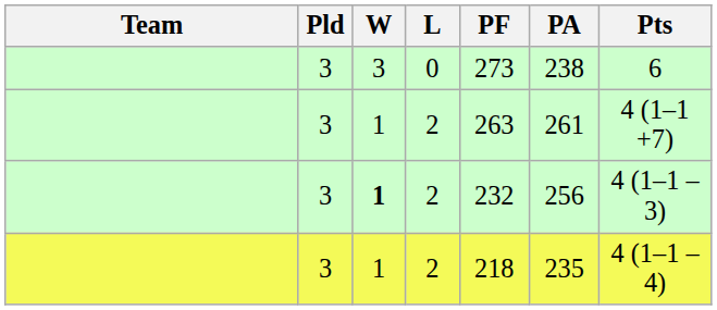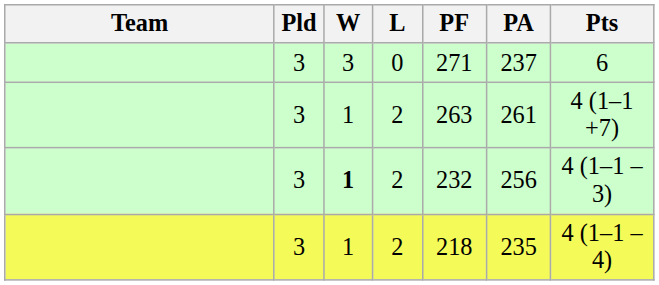 <table class="wikitable" style="text-align:center;">
 <tr>
 <th width=170>Team</th>
 <th width=25>Pld</th>
 <th width=25>W</th>
 <th width=25>L</th>
 <th width=35>PF</th>
 <th width=35>PA</th>
 <th width=60>Pts</th>
 </tr>
 <tr bgcolor=#ccffcc>
 <td align="left"></td>
 <td>3</td>
 <td>3</td>
 <td>0</td>
-<td>273</td>
-<td>238</td>
+<td>271</td>
+<td>237</td>
 <td>6</td>
 </tr>
 <tr bgcolor=#ccffcc>
 <td align="left"></td>
 <td>3</td>
 <td>1</td>
 <td>2</td>
 <td>263</td>
 <td>261</td>
 <td>4 (1–1 +7)</td>
 </tr>
 <tr bgcolor=#ccffcc>
 <td align="left"></td>
 <td>3</td>
 <td><strong>1</strong></td>
 <td>2</td>
 <td>232</td>
 <td>256</td>
 <td>4 (1–1 –3)</td>
 </tr>
 <tr bgcolor=#F4FA58>
 <td align="left"></td>
 <td>3</td>
 <td>1</td>
 <td>2</td>
 <td>218</td>
 <td>235</td>
 <td>4 (1–1 –4)</td>
 </tr>
 </table>
